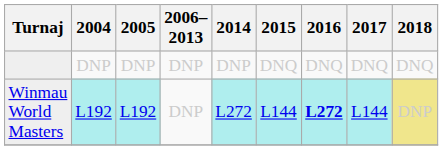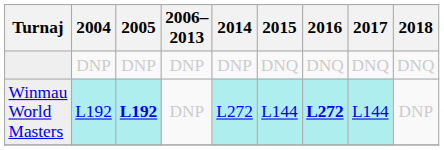 <table class="wikitable" style="width:30%; margin:0">
 <tr>
 <th>Turnaj</th>
 <th>2004</th>
 <th>2005</th>
 <th>2006–2013</th>
 <th>2014</th>
 <th>2015</th>
 <th>2016</th>
 <th>2017</th>
 <th>2018</th>
 </tr>
 <tr>
 <td style="background:#efefef;"></td>
 <td style="text-align:center; color:#ccc;">DNP</td>
 <td style="text-align:center; color:#ccc;">DNP</td>
 <td style="text-align:center; color:#ccc;">DNP</td>
 <td style="text-align:center; color:#ccc;">DNP</td>
 <td style="text-align:center; color:#ccc;">DNQ</td>
 <td style="text-align:center; color:#ccc;">DNQ</td>
 <td style="text-align:center; color:#ccc;">DNQ</td>
 <td style="text-align:center; color:#ccc;">DNQ</td>
 </tr>
 <tr>
 <td style="background:#efefef;"><a href='#'>Winmau World Masters</a></td>
 <td style="text-align:center; background:#afeeee;"><a href='#'>L192</a></td>
-<td style="text-align:center; background:#afeeee;"><a href='#'>L192</a></td>
+<td style="text-align:center; background:#afeeee;"><strong><a href='#'>L192</a></strong></td>
 <td style="text-align:center; color:#ccc;">DNP</td>
 <td style="text-align:center; background:#afeeee;"><a href='#'>L272</a></td>
 <td style="text-align:center; background:#afeeee;"><a href='#'>L144</a></td>
 <td style="text-align:center; background:#afeeee;"><strong><a href='#'>L272</a></strong></td>
 <td style="text-align:center; background:#afeeee;"><a href='#'>L144</a></td>
-<td style="background: khaki; text-align:center; color:#ccc;">DNP</td>
+<td style="text-align:center; color:#ccc;">DNP</td>
 </tr>
 <tr>
 </tr>
 </table>
